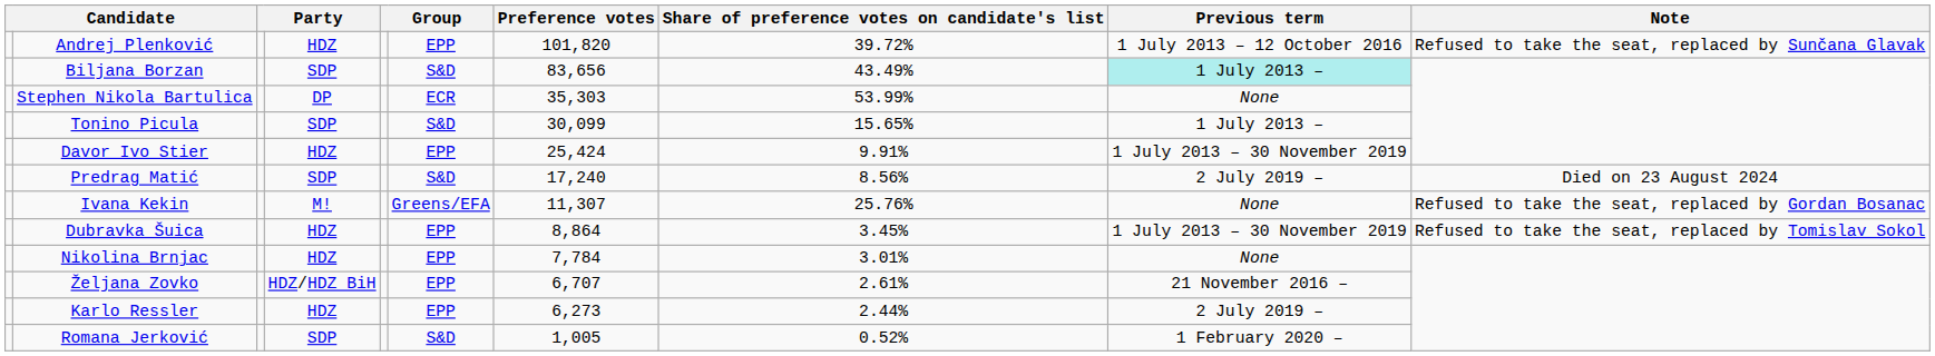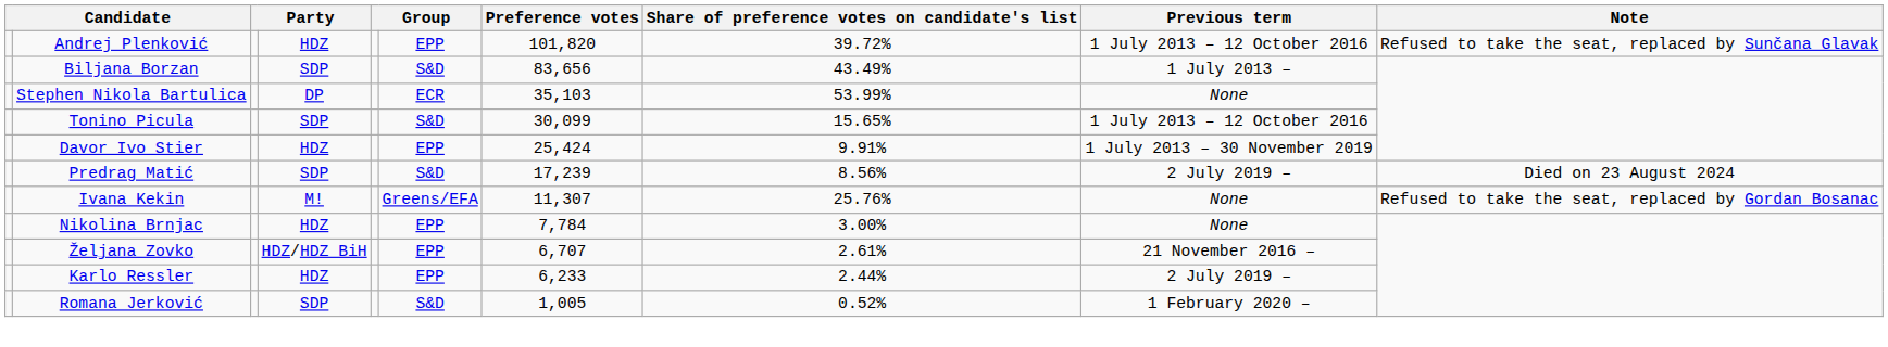 <table class="wikitable" style="text-align:center">
 <tr>
 <th colspan="2">Candidate</th>
 <th colspan="2">Party</th>
 <th colspan="2">Group</th>
 <th colspan="1">Preference votes</th>
 <th colspan="1">Share of preference votes on candidate's list</th>
 <th colspan="1">Previous term</th>
 <th colspan="1">Note</th>
 </tr>
 <tr>
 <td></td>
 <td><a href='#'>Andrej Plenković</a></td>
 <td style="background-color: "></td>
 <td><a href='#'>HDZ</a></td>
 <td style="background: "></td>
 <td><a href='#'>EPP</a></td>
 <td>101,820</td>
 <td>39.72%</td>
 <td>1 July 2013 – 12 October 2016</td>
 <td>Refused to take the seat, replaced by <a href='#'>Sunčana Glavak</a></td>
 </tr>
 <tr>
 <td></td>
 <td><a href='#'>Biljana Borzan</a></td>
 <td style="background-color: "></td>
 <td><a href='#'>SDP</a></td>
 <td style="background-color: "></td>
 <td><a href='#'>S&D</a></td>
 <td>83,656</td>
 <td>43.49%</td>
-<td style="background: paleturquoise;">1 July 2013 –</td>
+<td>1 July 2013 –</td>
 </tr>
 <tr>
 <td></td>
 <td><a href='#'>Stephen Nikola Bartulica</a></td>
 <td style="background-color: "></td>
 <td><a href='#'>DP</a></td>
 <td style="background-color: "></td>
 <td><a href='#'>ECR</a></td>
-<td>35,303</td>
+<td>35,103</td>
 <td>53.99%</td>
 <td><em>None</em></td>
 </tr>
 <tr>
 <td></td>
 <td><a href='#'>Tonino Picula</a></td>
 <td style="background-color: "></td>
 <td><a href='#'>SDP</a></td>
 <td style="background-color: "></td>
 <td><a href='#'>S&D</a></td>
 <td>30,099</td>
 <td>15.65%</td>
-<td>1 July 2013 –</td>
+<td>1 July 2013 – 12 October 2016</td>
 </tr>
 <tr>
 <td></td>
 <td><a href='#'>Davor Ivo Stier</a></td>
 <td style="background-color: "></td>
 <td><a href='#'>HDZ</a></td>
 <td style="background: "></td>
 <td><a href='#'>EPP</a></td>
 <td>25,424</td>
 <td>9.91%</td>
 <td>1 July 2013 – 30 November 2019</td>
 </tr>
 <tr>
 <td></td>
 <td><a href='#'>Predrag Matić</a></td>
 <td style="background-color: "></td>
 <td><a href='#'>SDP</a></td>
 <td style="background-color: "></td>
 <td><a href='#'>S&D</a></td>
-<td>17,240</td>
+<td>17,239</td>
 <td>8.56%</td>
 <td>2 July 2019 –</td>
 <td>Died on 23 August 2024</td>
 </tr>
 <tr>
 <td></td>
 <td><a href='#'>Ivana Kekin</a></td>
 <td style="background-color: "></td>
 <td><a href='#'>M!</a></td>
 <td style="background-color: "></td>
 <td><a href='#'>Greens/EFA</a></td>
 <td>11,307</td>
 <td>25.76%</td>
 <td><em>None</em></td>
 <td>Refused to take the seat, replaced by <a href='#'>Gordan Bosanac</a></td>
 </tr>
 <tr>
 <td></td>
-<td><a href='#'>Dubravka Šuica</a></td>
-<td style="background-color: "></td>
-<td><a href='#'>HDZ</a></td>
-<td style="background: "></td>
-<td><a href='#'>EPP</a></td>
-<td>8,864</td>
-<td>3.45%</td>
-<td>1 July 2013 – 30 November 2019</td>
-<td>Refused to take the seat, replaced by <a href='#'>Tomislav Sokol</a></td>
-</tr>
-<tr>
-<td></td>
 <td><a href='#'>Nikolina Brnjac</a></td>
 <td style="background-color: "></td>
 <td><a href='#'>HDZ</a></td>
 <td style="background: "></td>
 <td><a href='#'>EPP</a></td>
 <td>7,784</td>
-<td>3.01%</td>
+<td>3.00%</td>
 <td><em>None</em></td>
 </tr>
 <tr>
 <td></td>
 <td><a href='#'>Željana Zovko</a></td>
 <td style="background-color: "></td>
 <td><a href='#'>HDZ</a>/<a href='#'>HDZ BiH</a></td>
 <td style="background: "></td>
 <td><a href='#'>EPP</a></td>
 <td>6,707</td>
 <td>2.61%</td>
 <td>21 November 2016 –</td>
 </tr>
 <tr>
 <td></td>
 <td><a href='#'>Karlo Ressler</a></td>
 <td style="background-color: "></td>
 <td><a href='#'>HDZ</a></td>
 <td style="background: "></td>
 <td><a href='#'>EPP</a></td>
-<td>6,273</td>
+<td>6,233</td>
 <td>2.44%</td>
 <td>2 July 2019 –</td>
 </tr>
 <tr>
 <td></td>
 <td><a href='#'>Romana Jerković</a></td>
 <td style="background-color: "></td>
 <td><a href='#'>SDP</a></td>
 <td style="background-color: "></td>
 <td><a href='#'>S&D</a></td>
 <td>1,005</td>
 <td>0.52%</td>
 <td>1 February 2020 –</td>
 </tr>
 </table>
